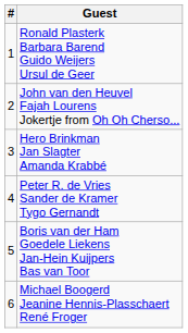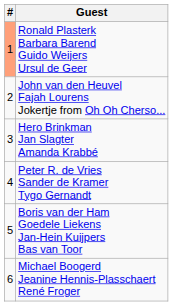 <table class="wikitable">
 <tr>
 <th>#</th>
 <th>Guest</th>
 </tr>
 <tr>
-<td>1</td>
+<td style="background: lightsalmon;">1</td>
 <td><a href='#'>Ronald Plasterk</a> <br> <a href='#'>Barbara Barend</a> <br> <a href='#'>Guido Weijers</a> <br> <a href='#'>Ursul de Geer</a></td>
 </tr>
 <tr>
 <td>2</td>
 <td><a href='#'>John van den Heuvel</a> <br> <a href='#'>Fajah Lourens</a> <br> Jokertje from <a href='#'>Oh Oh Cherso...</a></td>
 </tr>
 <tr>
 <td>3</td>
 <td><a href='#'>Hero Brinkman</a> <br> <a href='#'>Jan Slagter</a> <br> <a href='#'>Amanda Krabbé</a></td>
 </tr>
 <tr>
 <td>4</td>
 <td><a href='#'>Peter R. de Vries</a> <br> <a href='#'>Sander de Kramer</a> <br> <a href='#'>Tygo Gernandt</a></td>
 </tr>
 <tr>
 <td>5</td>
 <td><a href='#'>Boris van der Ham</a> <br> <a href='#'>Goedele Liekens</a> <br> <a href='#'>Jan-Hein Kuijpers</a> <br> <a href='#'>Bas van Toor</a></td>
 </tr>
 <tr>
 <td>6</td>
 <td><a href='#'>Michael Boogerd</a> <br> <a href='#'>Jeanine Hennis-Plasschaert</a> <br> <a href='#'>René Froger</a></td>
 </tr>
 </table>
